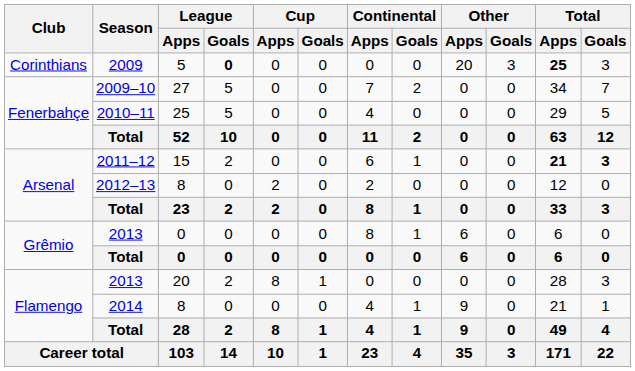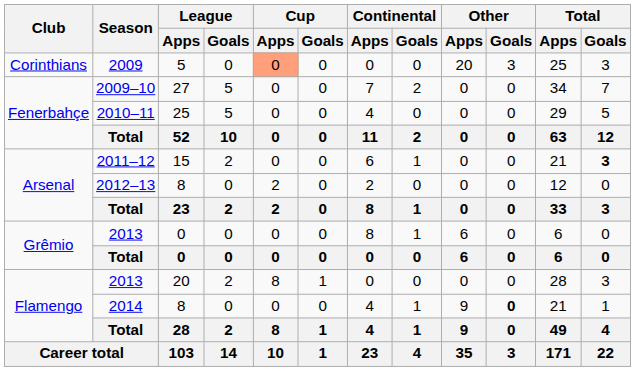 <table class="wikitable" style="text-align:center">
 <tr>
 <th rowspan="2">Club</th>
 <th rowspan="2">Season</th>
 <th colspan="2">League</th>
 <th colspan="2">Cup</th>
 <th colspan="2">Continental</th>
 <th colspan="2">Other</th>
 <th colspan="2">Total</th>
 </tr>
 <tr>
 <th>Apps</th>
 <th>Goals</th>
 <th>Apps</th>
 <th>Goals</th>
 <th>Apps</th>
 <th>Goals</th>
 <th>Apps</th>
 <th>Goals</th>
 <th>Apps</th>
 <th>Goals</th>
 </tr>
 <tr>
 <td><a href='#'>Corinthians</a></td>
 <td><a href='#'>2009</a></td>
 <td>5</td>
-<td><strong>0</strong></td>
 <td>0</td>
+<td style="background: lightsalmon;">0</td>
 <td>0</td>
 <td>0</td>
 <td>0</td>
 <td>20</td>
 <td>3</td>
-<td><strong>25</strong></td>
+<td>25</td>
 <td>3</td>
 </tr>
 <tr>
 <td rowspan="3"><a href='#'>Fenerbahçe</a></td>
 <td><a href='#'>2009–10</a></td>
 <td>27</td>
 <td>5</td>
 <td>0</td>
 <td>0</td>
 <td>7</td>
 <td>2</td>
 <td>0</td>
 <td>0</td>
 <td>34</td>
 <td>7</td>
 </tr>
 <tr>
 <td><a href='#'>2010–11</a></td>
 <td>25</td>
 <td>5</td>
 <td>0</td>
 <td>0</td>
 <td>4</td>
 <td>0</td>
 <td>0</td>
 <td>0</td>
 <td>29</td>
 <td>5</td>
 </tr>
 <tr>
 <th>Total</th>
 <th>52</th>
 <th>10</th>
 <th>0</th>
 <th>0</th>
 <th>11</th>
 <th>2</th>
 <th>0</th>
 <th>0</th>
 <th>63</th>
 <th>12</th>
 </tr>
 <tr>
 <td rowspan="3"><a href='#'>Arsenal</a></td>
 <td><a href='#'>2011–12</a></td>
 <td>15</td>
 <td>2</td>
 <td>0</td>
 <td>0</td>
 <td>6</td>
 <td>1</td>
 <td>0</td>
 <td>0</td>
-<td><strong>21</strong></td>
+<td>21</td>
 <td><strong>3</strong></td>
 </tr>
 <tr>
 <td><a href='#'>2012–13</a></td>
 <td>8</td>
 <td>0</td>
 <td>2</td>
 <td>0</td>
 <td>2</td>
 <td>0</td>
 <td>0</td>
 <td>0</td>
 <td>12</td>
 <td>0</td>
 </tr>
 <tr>
 <th>Total</th>
 <th>23</th>
 <th>2</th>
 <th>2</th>
 <th>0</th>
 <th>8</th>
 <th>1</th>
 <th>0</th>
 <th>0</th>
 <th>33</th>
 <th>3</th>
 </tr>
 <tr>
 <td rowspan="2"><a href='#'>Grêmio</a></td>
 <td><a href='#'>2013</a></td>
 <td>0</td>
 <td>0</td>
 <td>0</td>
 <td>0</td>
 <td>8</td>
 <td>1</td>
 <td>6</td>
 <td>0</td>
 <td>6</td>
 <td>0</td>
 </tr>
 <tr>
 <th>Total</th>
 <th>0</th>
 <th>0</th>
 <th>0</th>
 <th>0</th>
 <th>0</th>
 <th>0</th>
 <th>6</th>
 <th>0</th>
 <th>6</th>
 <th>0</th>
 </tr>
 <tr>
 <td rowspan="3"><a href='#'>Flamengo</a></td>
 <td><a href='#'>2013</a></td>
 <td>20</td>
 <td>2</td>
 <td>8</td>
 <td>1</td>
 <td>0</td>
 <td>0</td>
 <td>0</td>
 <td>0</td>
 <td>28</td>
 <td>3</td>
 </tr>
 <tr>
 <td><a href='#'>2014</a></td>
 <td>8</td>
 <td>0</td>
 <td>0</td>
 <td>0</td>
 <td>4</td>
 <td>1</td>
 <td>9</td>
-<td>0</td>
+<td><strong>0</strong></td>
 <td>21</td>
 <td>1</td>
 </tr>
 <tr>
 <th>Total</th>
 <th>28</th>
 <th>2</th>
 <th>8</th>
 <th>1</th>
 <th>4</th>
 <th>1</th>
 <th>9</th>
 <th>0</th>
 <th>49</th>
 <th>4</th>
 </tr>
 <tr>
 <th colspan="2">Career total</th>
 <th>103</th>
 <th>14</th>
 <th>10</th>
 <th>1</th>
 <th>23</th>
 <th>4</th>
 <th>35</th>
 <th>3</th>
 <th>171</th>
 <th>22</th>
 </tr>
 </table>
